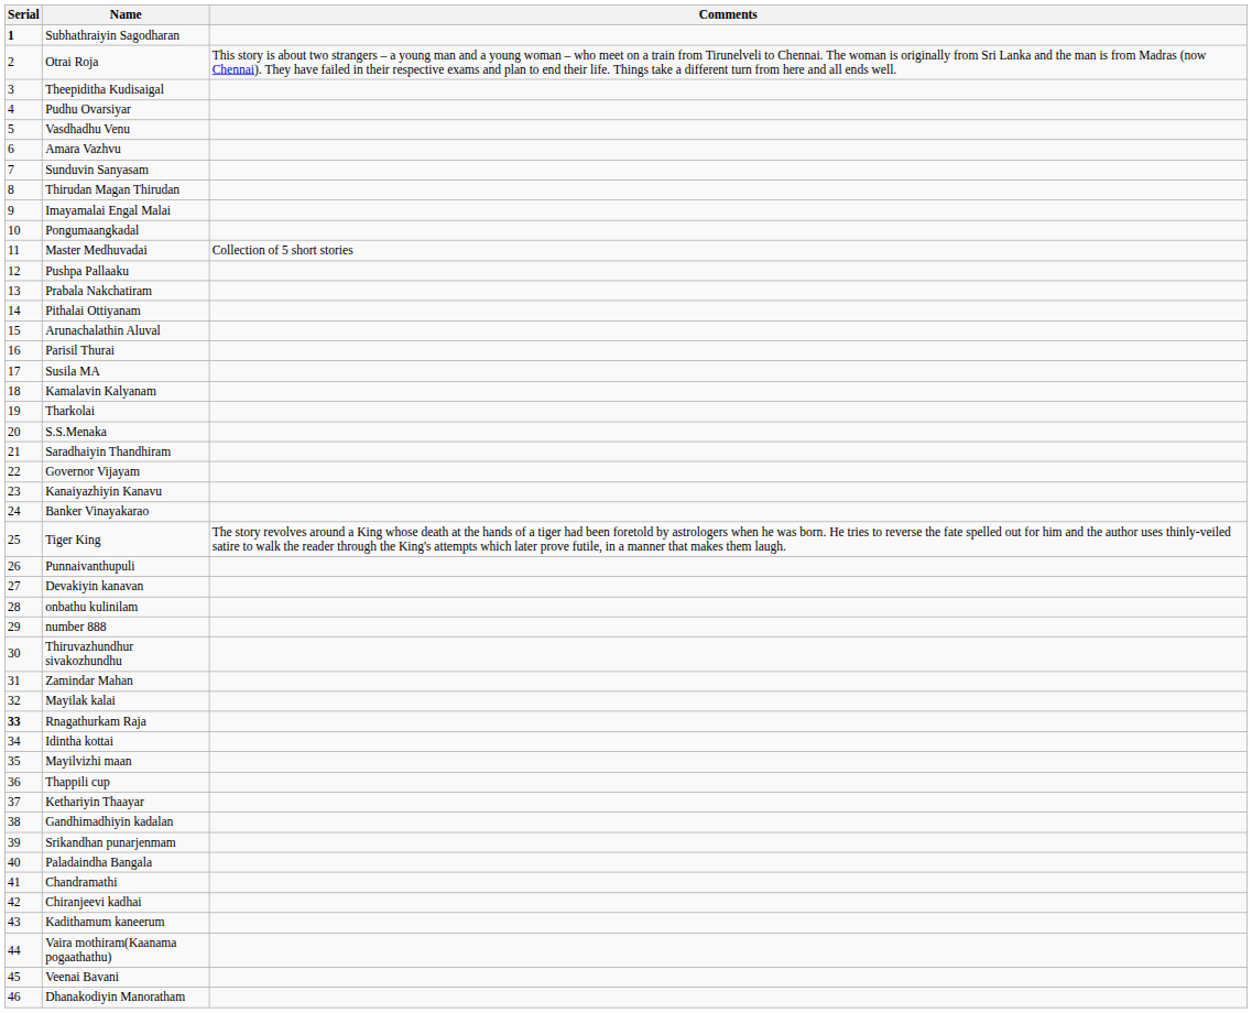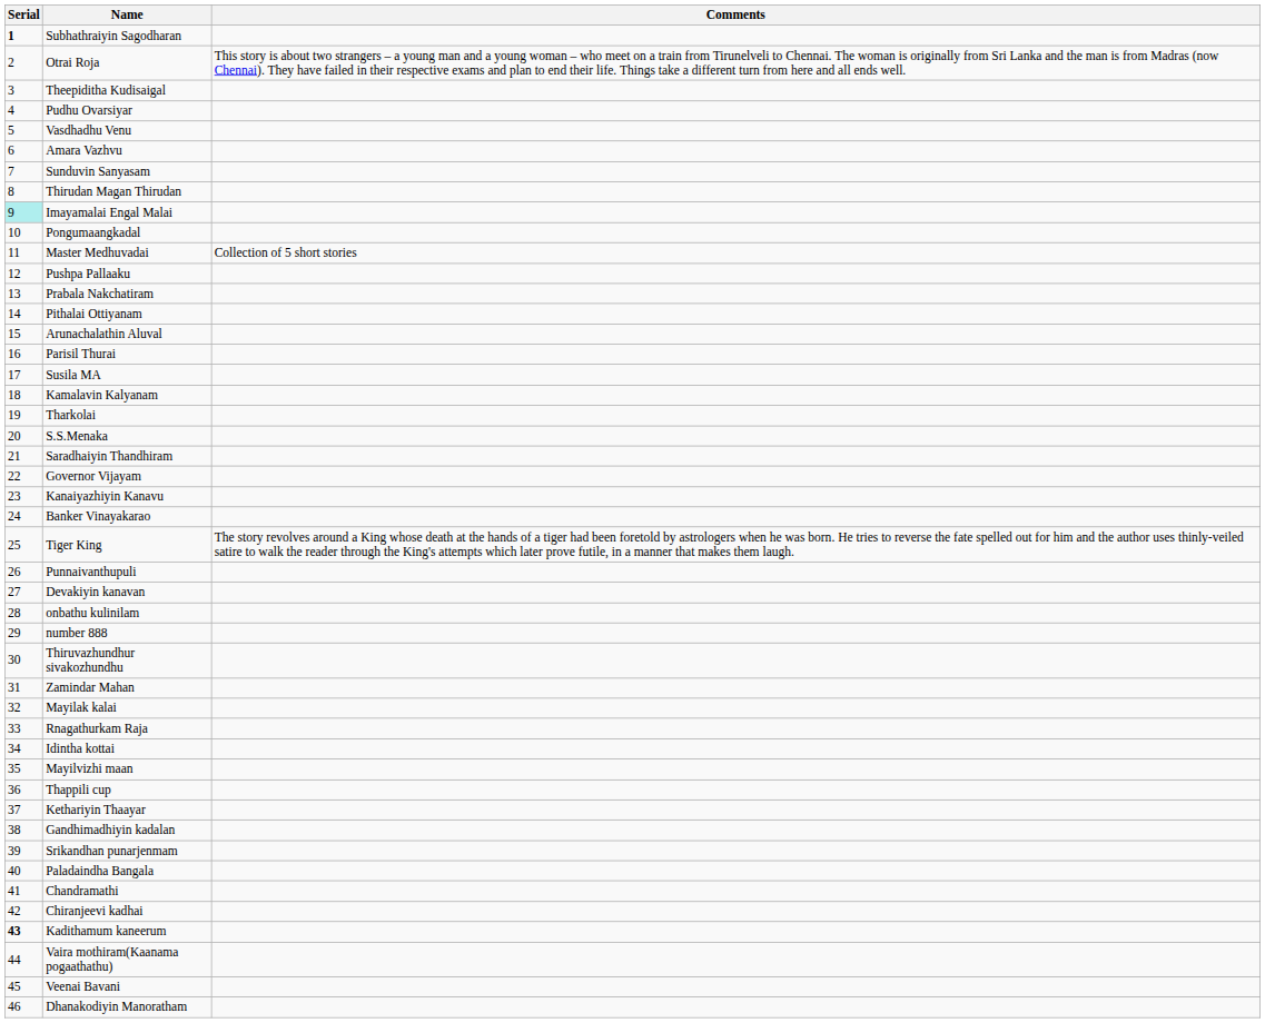 <table class="wikitable sortable">
 <tr>
 <th>Serial</th>
 <th>Name</th>
 <th>Comments</th>
 </tr>
 <tr>
 <td><strong>1</strong></td>
 <td>Subhathraiyin Sagodharan</td>
 <td></td>
 </tr>
 <tr>
 <td>2</td>
 <td>Otrai Roja</td>
 <td>This story is about two strangers – a young man and a young woman – who meet on a train from Tirunelveli to Chennai. The woman is originally from Sri Lanka and the man is from Madras (now <a href='#'>Chennai</a>). They have failed in their respective exams and plan to end their life. Things take a different turn from here and all ends well.</td>
 </tr>
 <tr>
 <td>3</td>
 <td>Theepiditha Kudisaigal</td>
 <td></td>
 </tr>
 <tr>
 <td>4</td>
 <td>Pudhu Ovarsiyar</td>
 <td></td>
 </tr>
 <tr>
 <td>5</td>
 <td>Vasdhadhu Venu</td>
 <td></td>
 </tr>
 <tr>
 <td>6</td>
 <td>Amara Vazhvu</td>
 <td></td>
 </tr>
 <tr>
 <td>7</td>
 <td>Sunduvin Sanyasam</td>
 <td></td>
 </tr>
 <tr>
 <td>8</td>
 <td>Thirudan Magan Thirudan</td>
 <td></td>
 </tr>
 <tr>
-<td>9</td>
+<td style="background: paleturquoise;">9</td>
 <td>Imayamalai Engal Malai</td>
 <td></td>
 </tr>
 <tr>
 <td>10</td>
 <td>Pongumaangkadal</td>
 <td></td>
 </tr>
 <tr>
 <td>11</td>
 <td>Master Medhuvadai</td>
 <td>Collection of 5 short stories</td>
 </tr>
 <tr>
 <td>12</td>
 <td>Pushpa Pallaaku</td>
 <td></td>
 </tr>
 <tr>
 <td>13</td>
 <td>Prabala Nakchatiram</td>
 <td></td>
 </tr>
 <tr>
 <td>14</td>
 <td>Pithalai Ottiyanam</td>
 <td></td>
 </tr>
 <tr>
 <td>15</td>
 <td>Arunachalathin Aluval</td>
 <td></td>
 </tr>
 <tr>
 <td>16</td>
 <td>Parisil Thurai</td>
 <td></td>
 </tr>
 <tr>
 <td>17</td>
 <td>Susila MA</td>
 <td></td>
 </tr>
 <tr>
 <td>18</td>
 <td>Kamalavin Kalyanam</td>
 <td></td>
 </tr>
 <tr>
 <td>19</td>
 <td>Tharkolai</td>
 <td></td>
 </tr>
 <tr>
 <td>20</td>
 <td>S.S.Menaka</td>
 <td></td>
 </tr>
 <tr>
 <td>21</td>
 <td>Saradhaiyin Thandhiram</td>
 <td></td>
 </tr>
 <tr>
 <td>22</td>
 <td>Governor Vijayam</td>
 <td></td>
 </tr>
 <tr>
 <td>23</td>
 <td>Kanaiyazhiyin Kanavu</td>
 <td></td>
 </tr>
 <tr>
 <td>24</td>
 <td>Banker Vinayakarao</td>
 <td></td>
 </tr>
 <tr>
 <td>25</td>
 <td>Tiger King</td>
 <td>The story revolves around a King whose death at the hands of a tiger had been foretold by astrologers when he was born. He tries to reverse the fate spelled out for him and the author uses thinly-veiled satire to walk the reader through the King's attempts which later prove futile, in a manner that makes them laugh.</td>
 </tr>
 <tr>
 <td>26</td>
 <td>Punnaivanthupuli</td>
 <td></td>
 </tr>
 <tr>
 <td>27</td>
 <td>Devakiyin kanavan</td>
 <td></td>
 </tr>
 <tr>
 <td>28</td>
 <td>onbathu kulinilam</td>
 <td></td>
 </tr>
 <tr>
 <td>29</td>
 <td>number 888</td>
 <td></td>
 </tr>
 <tr>
 <td>30</td>
 <td>Thiruvazhundhur sivakozhundhu</td>
 <td></td>
 </tr>
 <tr>
 <td>31</td>
 <td>Zamindar Mahan</td>
 <td></td>
 </tr>
 <tr>
 <td>32</td>
 <td>Mayilak kalai</td>
 <td></td>
 </tr>
 <tr>
-<td><strong>33</strong></td>
+<td>33</td>
 <td>Rnagathurkam Raja</td>
 <td></td>
 </tr>
 <tr>
 <td>34</td>
 <td>Idintha kottai</td>
 <td></td>
 </tr>
 <tr>
 <td>35</td>
 <td>Mayilvizhi maan</td>
 <td></td>
 </tr>
 <tr>
 <td>36</td>
 <td>Thappili cup</td>
 <td></td>
 </tr>
 <tr>
 <td>37</td>
 <td>Kethariyin Thaayar</td>
 <td></td>
 </tr>
 <tr>
 <td>38</td>
 <td>Gandhimadhiyin kadalan</td>
 <td></td>
 </tr>
 <tr>
 <td>39</td>
 <td>Srikandhan punarjenmam</td>
 <td></td>
 </tr>
 <tr>
 <td>40</td>
 <td>Paladaindha Bangala</td>
 <td></td>
 </tr>
 <tr>
 <td>41</td>
 <td>Chandramathi</td>
 <td></td>
 </tr>
 <tr>
 <td>42</td>
 <td>Chiranjeevi kadhai</td>
 <td></td>
 </tr>
 <tr>
-<td>43</td>
+<td><strong>43</strong></td>
 <td>Kadithamum kaneerum</td>
 <td></td>
 </tr>
 <tr>
 <td>44</td>
 <td>Vaira mothiram(Kaanama pogaathathu)</td>
 <td></td>
 </tr>
 <tr>
 <td>45</td>
 <td>Veenai Bavani</td>
 <td></td>
 </tr>
 <tr>
 <td>46</td>
 <td>Dhanakodiyin Manoratham</td>
 <td></td>
 </tr>
 </table>
